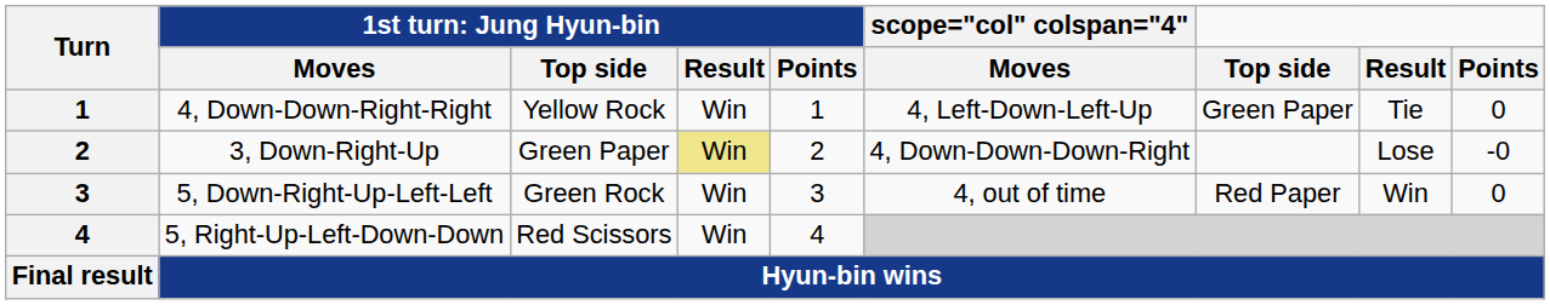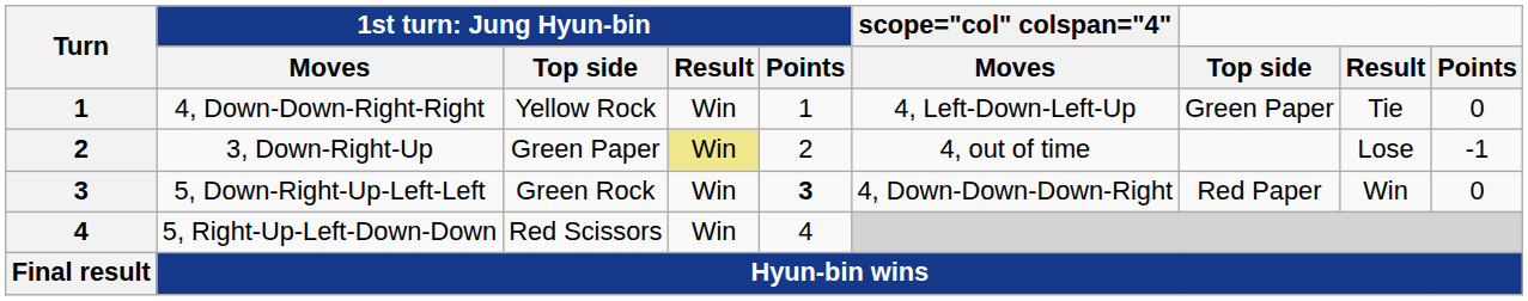 <table class="wikitable" style="text-align:center">
 <tr>
 <th scope="col" rowspan="2">Turn</th>
 <th scope="col" colspan="4" style="background-color:#153888; color:white">1st turn: Jung Hyun-bin</th>
 <th>scope="col" colspan="4"  </th>
 </tr>
 <tr>
 <th scope="col">Moves</th>
 <th scope="col">Top side</th>
 <th scope="col">Result</th>
 <th scope="col">Points</th>
 <th scope="col">Moves</th>
 <th scope="col">Top side</th>
 <th scope="col">Result</th>
 <th scope="col">Points</th>
 </tr>
 <tr>
 <th scope="row">1</th>
 <td>4, Down-Down-Right-Right</td>
 <td>Yellow Rock</td>
 <td>Win</td>
 <td>1</td>
 <td>4, Left-Down-Left-Up</td>
 <td>Green Paper</td>
 <td>Tie</td>
 <td>0</td>
 </tr>
 <tr>
 <th scope="row">2</th>
 <td>3, Down-Right-Up</td>
 <td>Green Paper</td>
 <td style="background: khaki;">Win</td>
 <td>2</td>
-<td>4, Down-Down-Down-Right</td>
+<td>4, out of time</td>
 <td></td>
 <td>Lose</td>
-<td>-0</td>
+<td>-1</td>
 </tr>
 <tr>
 <th scope="row">3</th>
 <td>5, Down-Right-Up-Left-Left</td>
 <td>Green Rock</td>
 <td>Win</td>
-<td>3</td>
-<td>4, out of time</td>
+<td><strong>3</strong></td>
+<td>4, Down-Down-Down-Right</td>
 <td>Red Paper</td>
 <td>Win</td>
 <td>0</td>
 </tr>
 <tr>
 <th scope="row">4</th>
 <td>5, Right-Up-Left-Down-Down</td>
 <td>Red Scissors</td>
 <td>Win</td>
 <td>4</td>
 <td colspan="4" style="background-color:lightgrey"></td>
 </tr>
 <tr>
 <th scope="row">Final result</th>
 <td colspan="8" style="background-color:#153888; color:white"><strong>Hyun-bin wins</strong></td>
 </tr>
 </table>
